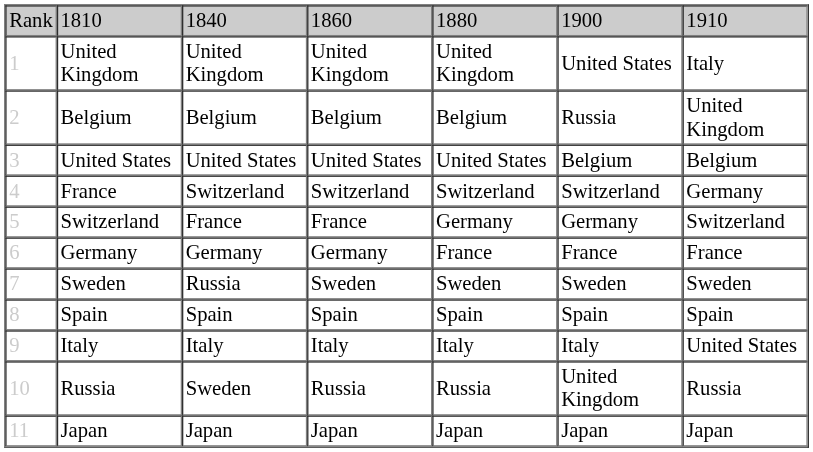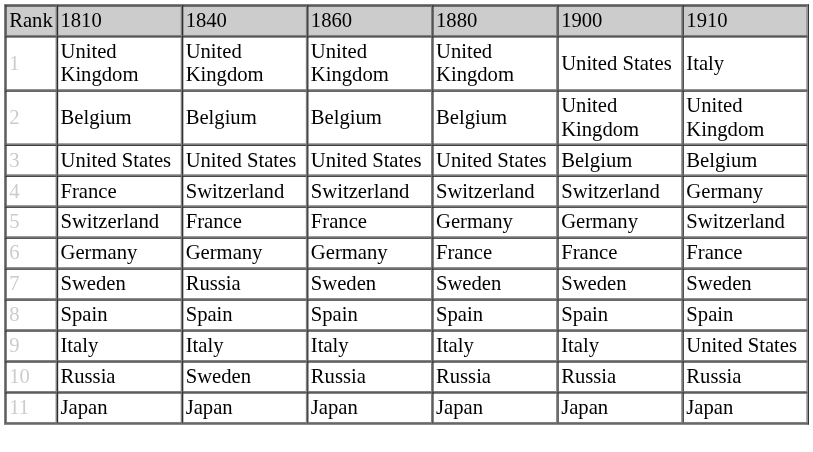 <table border="1" cellpadding="2" cellspacing="0" align=center>
 <tr style="background:#ccc;">
 <td>Rank </td>
 <td>1810</td>
 <td>1840</td>
 <td>1860</td>
 <td>1880</td>
 <td>1900</td>
 <td>1910</td>
 </tr>
 <tr>
 <td style="color:#ccc;">1</td>
 <td>United Kingdom</td>
 <td>United Kingdom</td>
 <td>United Kingdom</td>
 <td>United Kingdom</td>
 <td>United States</td>
 <td>Italy</td>
 </tr>
 <tr>
 <td style="color:#ccc;">2</td>
 <td>Belgium</td>
 <td>Belgium</td>
 <td>Belgium</td>
 <td>Belgium</td>
-<td>Russia</td>
+<td>United Kingdom</td>
 <td>United Kingdom</td>
 </tr>
 <tr>
 <td style="color:#ccc;">3</td>
 <td>United States</td>
 <td>United States</td>
 <td>United States</td>
 <td>United States</td>
 <td>Belgium</td>
 <td>Belgium</td>
 </tr>
 <tr>
 <td style="color:#ccc;">4</td>
 <td>France</td>
 <td>Switzerland</td>
 <td>Switzerland</td>
 <td>Switzerland</td>
 <td>Switzerland</td>
 <td>Germany</td>
 </tr>
 <tr>
 <td style="color:#ccc;">5</td>
 <td>Switzerland</td>
 <td>France</td>
 <td>France</td>
 <td>Germany</td>
 <td>Germany</td>
 <td>Switzerland</td>
 </tr>
 <tr>
 <td style="color:#ccc;">6</td>
 <td>Germany</td>
 <td>Germany</td>
 <td>Germany</td>
 <td>France</td>
 <td>France</td>
 <td>France</td>
 </tr>
 <tr>
 <td style="color:#ccc;">7</td>
 <td>Sweden</td>
 <td>Russia</td>
 <td>Sweden</td>
 <td>Sweden</td>
 <td>Sweden</td>
 <td>Sweden</td>
 </tr>
 <tr>
 <td style="color:#ccc;">8</td>
 <td>Spain</td>
 <td>Spain</td>
 <td>Spain</td>
 <td>Spain</td>
 <td>Spain</td>
 <td>Spain</td>
 </tr>
 <tr>
 <td style="color:#ccc;">9</td>
 <td>Italy</td>
 <td>Italy</td>
 <td>Italy</td>
 <td>Italy</td>
 <td>Italy</td>
 <td>United States</td>
 </tr>
 <tr>
 <td style="color:#ccc;">10</td>
 <td>Russia</td>
 <td>Sweden</td>
 <td>Russia</td>
 <td>Russia</td>
-<td>United Kingdom</td>
+<td>Russia</td>
 <td>Russia</td>
 </tr>
 <tr>
 <td style="color:#ccc;">11</td>
 <td>Japan</td>
 <td>Japan</td>
 <td>Japan</td>
 <td>Japan</td>
 <td>Japan</td>
 <td>Japan</td>
 </tr>
 </table>
